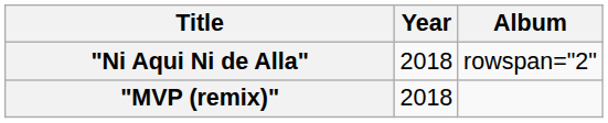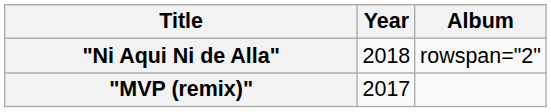 <table class="wikitable plainrowheaders" style="text-align:center;">
 <tr>
 <th scope="col" style="width:16em;">Title</th>
 <th scope="col">Year</th>
 <th scope="col">Album</th>
 </tr>
 <tr>
 <th scope="row">"Ni Aqui Ni de Alla"<br></th>
 <td>2018</td>
 <td>rowspan="2" </td>
 </tr>
 <tr>
 <th scope="row">"MVP (remix)"<br></th>
-<td>2018</td>
+<td>2017</td>
 </tr>
 </table>
